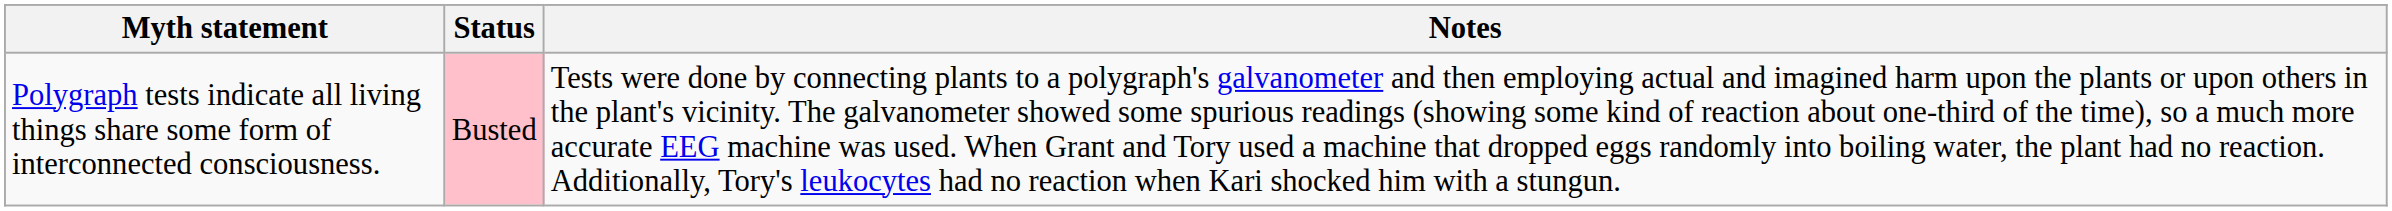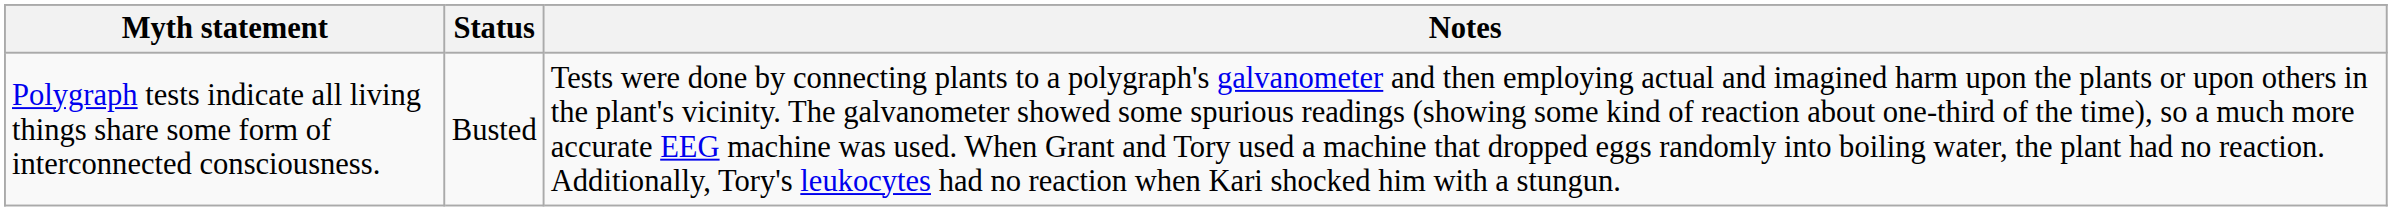 <table class="wikitable plainrowheaders">
 <tr>
 <th>Myth statement</th>
 <th>Status</th>
 <th>Notes</th>
 </tr>
 <tr>
 <td><a href='#'>Polygraph</a> tests indicate all living things share some form of interconnected consciousness.</td>
-<td style="background: pink;"><span>Busted</span></td>
+<td><span>Busted</span></td>
 <td>Tests were done by connecting plants to a polygraph's <a href='#'>galvanometer</a> and then employing actual and imagined harm upon the plants or upon others in the plant's vicinity. The galvanometer showed some spurious readings (showing some kind of reaction about one-third of the time), so a much more accurate <a href='#'>EEG</a> machine was used. When Grant and Tory used a machine that dropped eggs randomly into boiling water, the plant had no reaction. Additionally, Tory's <a href='#'>leukocytes</a> had no reaction when Kari shocked him with a stungun.</td>
 </tr>
 </table>
